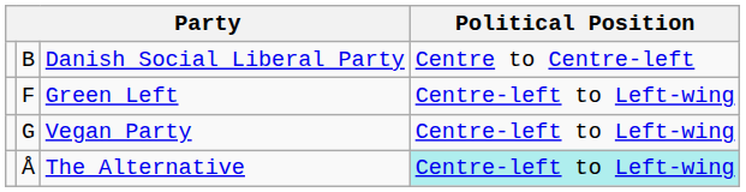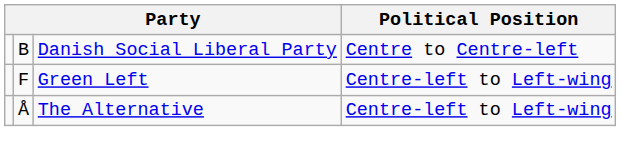 <table class="wikitable mw-collapsible mw-collapsed">
 <tr>
 <th colspan="3">Party</th>
 <th>Political Position</th>
 </tr>
 <tr>
 <td></td>
 <td>B</td>
 <td><a href='#'>Danish Social Liberal Party</a></td>
 <td><a href='#'>Centre</a> to <a href='#'>Centre-left</a></td>
 </tr>
 <tr>
 <td></td>
 <td>F</td>
 <td><a href='#'>Green Left</a></td>
 <td><a href='#'>Centre-left</a> to <a href='#'>Left-wing</a></td>
 </tr>
 <tr>
 <td></td>
-<td>G</td>
-<td><a href='#'>Vegan Party</a></td>
+<td>Å</td>
+<td><a href='#'>The Alternative</a></td>
 <td><a href='#'>Centre-left</a> to <a href='#'>Left-wing</a></td>
 </tr>
-<tr>
-<td></td>
-<td>Å</td>
-<td><a href='#'>The Alternative</a></td>
-<td style="background: paleturquoise;"><a href='#'>Centre-left</a> to <a href='#'>Left-wing</a></td>
-</tr>
 </table>
